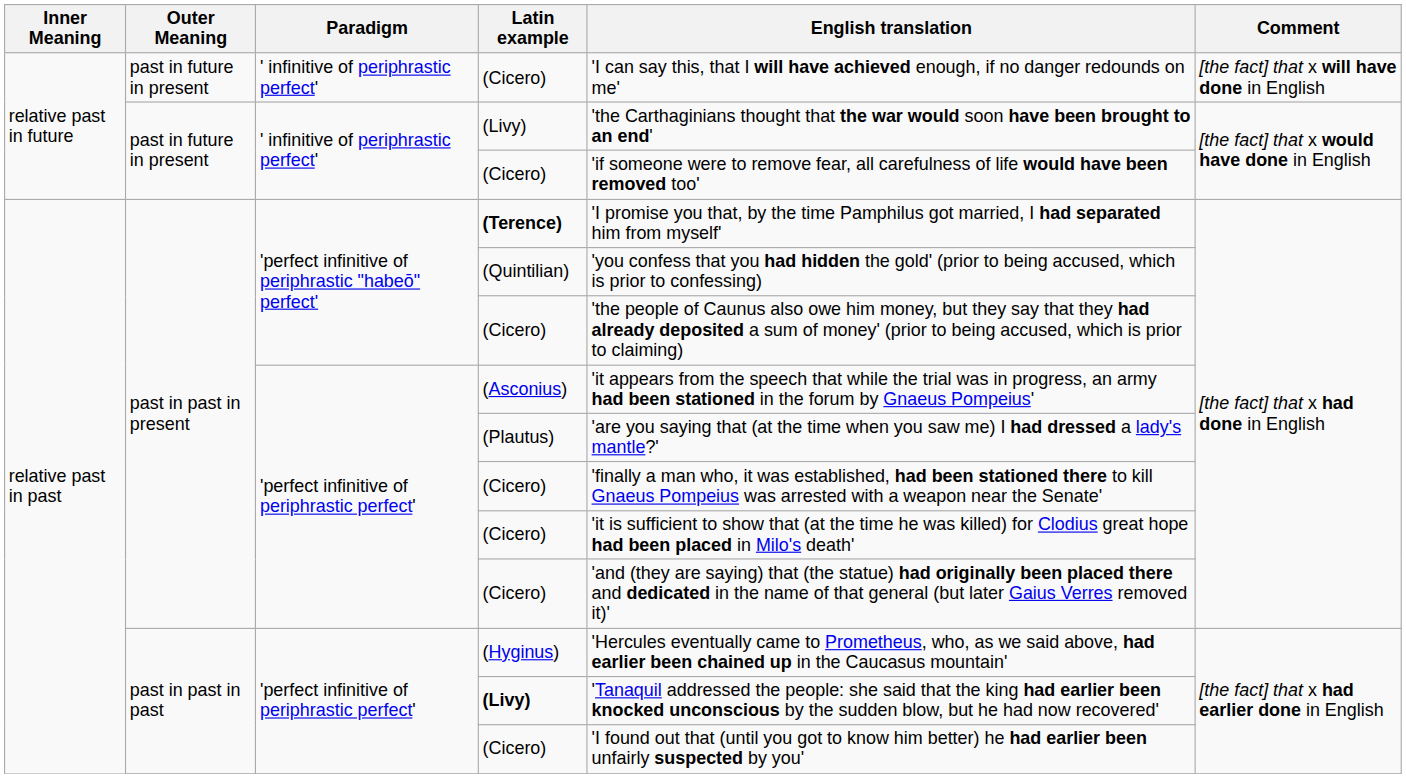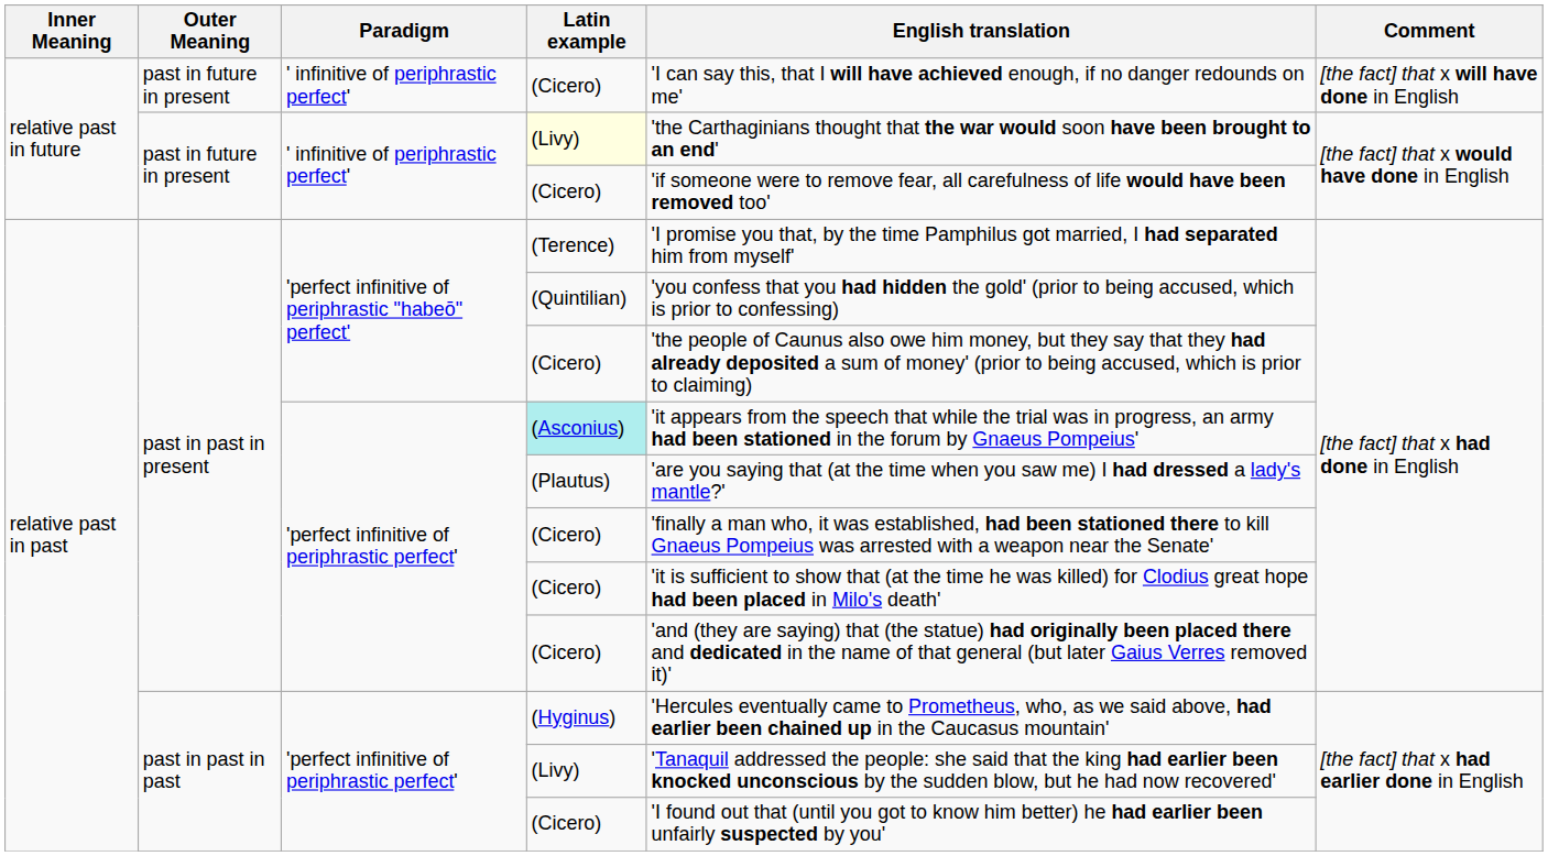 <table class="wikitable">
 <tr>
 <th>Inner Meaning</th>
 <th>Outer Meaning</th>
 <th>Paradigm</th>
 <th>Latin example</th>
 <th>English translation</th>
 <th>Comment</th>
 </tr>
 <tr>
 <td rowspan=3>relative past in future</td>
 <td rowspan=1>past in future in present</td>
 <td rowspan=1>' infinitive of <a href='#'>periphrastic perfect</a>'</td>
 <td> (Cicero)</td>
 <td>'I can say this, that I <strong>will have achieved</strong> enough, if no danger redounds on me'</td>
 <td rowspan=1><em>[the fact] that</em> x <strong>will have done</strong> in English</td>
 </tr>
 <tr>
 <td rowspan=2>past in future in present</td>
 <td rowspan=2>' infinitive of <a href='#'>periphrastic perfect</a>'</td>
-<td> (Livy)</td>
+<td style="background: lightyellow;"> (Livy)</td>
 <td>'the Carthaginians thought that <strong>the war would</strong> soon <strong>have been brought to an end</strong>'</td>
 <td rowspan=2><em>[the fact] that</em> x <strong>would have done</strong> in English</td>
 </tr>
 <tr>
 <td> (Cicero)</td>
 <td>'if someone were to remove fear, all carefulness of life <strong>would have been removed</strong> too'</td>
 </tr>
 <tr>
 <td rowspan=13>relative past in past</td>
 <td rowspan=8>past in past in present</td>
 <td rowspan=3>'perfect infinitive of <a href='#'>periphrastic "habeō" perfect'</a></td>
-<td><strong> (Terence)</strong></td>
+<td> (Terence)</td>
 <td>'I promise you that, by the time Pamphilus got married, I <strong>had separated</strong> him from myself'</td>
 <td rowspan=8><em>[the fact] that</em> x <strong>had done</strong> in English</td>
 </tr>
 <tr>
 <td> (Quintilian)</td>
 <td>'you confess that you <strong>had hidden</strong> the gold' (prior to being accused, which is prior to confessing)</td>
 </tr>
 <tr>
 <td> (Cicero)</td>
 <td>'the people of Caunus also owe him money, but they say that they <strong>had already deposited</strong> a sum of money' (prior to being accused, which is prior to claiming)</td>
 </tr>
 <tr>
 <td rowspan=5>'perfect infinitive of <a href='#'>periphrastic perfect</a>'</td>
-<td> (<a href='#'>Asconius</a>)</td>
+<td style="background: paleturquoise;"> (<a href='#'>Asconius</a>)</td>
 <td>'it appears from the speech that while the trial was in progress, an army <strong>had been stationed</strong> in the forum by <a href='#'>Gnaeus Pompeius</a>'</td>
 </tr>
 <tr>
 <td> (Plautus)</td>
 <td>'are you saying that (at the time when you saw me) I <strong>had dressed</strong> a <a href='#'>lady's mantle</a>?'</td>
 </tr>
 <tr>
 <td> (Cicero)</td>
 <td>'finally a man who, it was established, <strong>had been stationed there</strong> to kill <a href='#'>Gnaeus Pompeius</a> was arrested with a weapon near the Senate'</td>
 </tr>
 <tr>
 <td> (Cicero)</td>
 <td>'it is sufficient to show that (at the time he was killed) for <a href='#'>Clodius</a> great hope <strong>had been placed</strong> in <a href='#'>Milo's</a> death'</td>
 </tr>
 <tr>
 <td> (Cicero)</td>
 <td>'and (they are saying) that (the statue) <strong>had originally been placed there</strong> and <strong>dedicated</strong> in the name of that general (but later <a href='#'>Gaius Verres</a> removed it)'</td>
 </tr>
 <tr>
 <td rowspan=3>past in past in past</td>
 <td rowspan=3>'perfect infinitive of <a href='#'>periphrastic perfect</a>'</td>
 <td> (<a href='#'>Hyginus</a>)</td>
 <td>'Hercules eventually came to <a href='#'>Prometheus</a>, who, as we said above, <strong>had earlier been chained up</strong> in the Caucasus mountain'</td>
 <td rowspan=3><em>[the fact] that</em> x <strong>had earlier done</strong> in English</td>
 </tr>
 <tr>
-<td><strong> (Livy)</strong></td>
+<td> (Livy)</td>
 <td>'<a href='#'>Tanaquil</a> addressed the people: she said that the king <strong>had earlier been knocked unconscious</strong> by the sudden blow, but he had now recovered'</td>
 </tr>
 <tr>
 <td> (Cicero)</td>
 <td>'I found out that (until you got to know him better) he <strong>had earlier been</strong> unfairly <strong>suspected</strong> by you'</td>
 </tr>
 <tr>
 </tr>
 </table>
